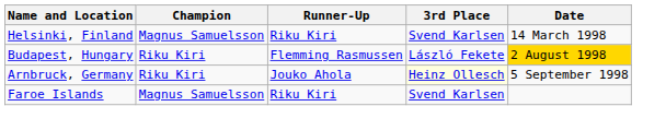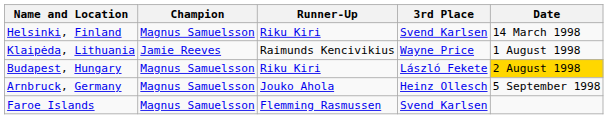 <table class="wikitable" style="display: inline-table">
 <tr>
 <th>Name and Location</th>
 <th>Champion</th>
 <th>Runner-Up</th>
 <th>3rd Place</th>
 <th>Date</th>
 </tr>
 <tr>
 <td> <a href='#'>Helsinki</a>, <a href='#'>Finland</a> <br> </td>
 <td> <a href='#'>Magnus Samuelsson</a></td>
 <td> <a href='#'>Riku Kiri</a></td>
 <td> <a href='#'>Svend Karlsen</a></td>
 <td>14 March 1998</td>
 </tr>
 <tr>
+<td> <a href='#'>Klaipėda</a>, <a href='#'>Lithuania</a> <br> </td>
+<td> <a href='#'>Jamie Reeves</a></td>
+<td> Raimunds Kencivikius</td>
+<td> <a href='#'>Wayne Price</a></td>
+<td>1 August 1998</td>
+</tr>
+<tr>
 <td> <a href='#'>Budapest</a>, <a href='#'>Hungary</a> <br> </td>
+<td> <a href='#'>Magnus Samuelsson</a></td>
 <td> <a href='#'>Riku Kiri</a></td>
-<td> <a href='#'>Flemming Rasmussen</a></td>
 <td> <a href='#'>László Fekete</a></td>
 <td style="background: gold;">2 August 1998</td>
 </tr>
 <tr>
 <td> <a href='#'>Arnbruck</a>, <a href='#'>Germany</a> <br> </td>
-<td> <a href='#'>Riku Kiri</a></td>
+<td> <a href='#'>Magnus Samuelsson</a></td>
 <td> <a href='#'>Jouko Ahola</a></td>
-<td style="background: lightyellow;"> <a href='#'>Heinz Ollesch</a></td>
+<td> <a href='#'>Heinz Ollesch</a></td>
 <td>5 September 1998</td>
 </tr>
 <tr>
 <td> <a href='#'>Faroe Islands</a> <br> </td>
 <td> <a href='#'>Magnus Samuelsson</a></td>
-<td> <a href='#'>Riku Kiri</a></td>
+<td> <a href='#'>Flemming Rasmussen</a></td>
 <td> <a href='#'>Svend Karlsen</a></td>
 <td></td>
 </tr>
 </table>
